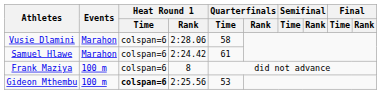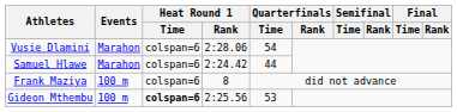 <table class=wikitable style=font-size:90%>
 <tr>
 <th rowspan=2>Athletes</th>
 <th rowspan=2>Events</th>
 <th colspan=2>Heat Round 1</th>
 <th colspan=2>Quarterfinals</th>
 <th colspan=2>Semifinal</th>
 <th colspan=2>Final</th>
 </tr>
 <tr>
 <th>Time</th>
 <th>Rank</th>
 <th>Time</th>
 <th>Rank</th>
 <th>Time</th>
 <th>Rank</th>
 <th>Time</th>
 <th>Rank</th>
 </tr>
 <tr align=center>
 <td align=center><a href='#'>Vusie Dlamini</a></td>
 <td><a href='#'>Marahon</a></td>
 <td>colspan=6 </td>
 <td align=center>2:28.06</td>
-<td align=center>58</td>
+<td align=center>54</td>
 </tr>
 <tr align=center>
 <td align=center><a href='#'>Samuel Hlawe</a></td>
 <td><a href='#'>Marahon</a></td>
 <td>colspan=6 </td>
 <td align=center>2:24.42</td>
-<td align=center>61</td>
+<td align=center>44</td>
 </tr>
 <tr align=center>
 <td align=center><a href='#'>Frank Maziya</a></td>
 <td align=left><a href='#'>100 m</a></td>
 <td>colspan=6 </td>
 <td>8</td>
 <td colspan=6>did not advance</td>
 </tr>
 <tr align=center>
 <td align=center><a href='#'>Gideon Mthembu</a></td>
 <td align=left><a href='#'>100 m</a></td>
 <td><strong>colspan=6 </strong></td>
 <td align=center>2:25.56</td>
 <td align=center>53</td>
 </tr>
 </table>
